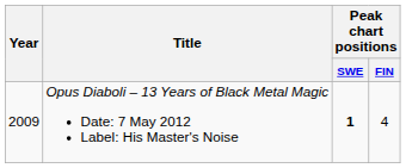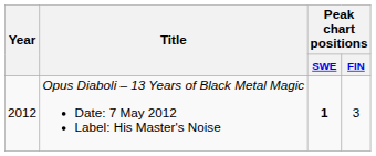 <table class=wikitable style=text-align:center;>
 <tr>
 <th rowspan=2>Year</th>
 <th rowspan=2>Title</th>
 <th colspan=5>Peak chart positions</th>
 </tr>
 <tr style="vertical-align:top;line-height:1.2">
 <th width=25px><small><a href='#'>SWE</a></small><br></th>
 <th width=25px><small><a href='#'>FIN</a></small><br></th>
 </tr>
 <tr>
-<td>2009</td>
+<td>2012</td>
 <td align=left><em>Opus Diaboli – 13 Years of Black Metal Magic</em><br><ul><li>Date: 7 May 2012</li><li>Label: His Master's Noise</li></ul></td>
 <td><strong>1</strong></td>
-<td>4</td>
+<td>3</td>
 </tr>
 </table>
